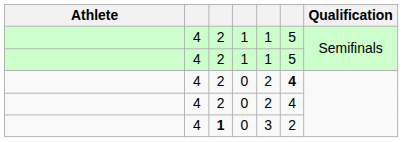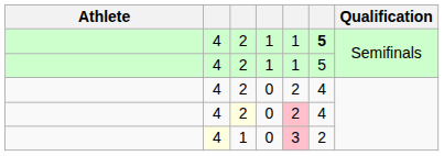 <table class="wikitable sortable" style="text-align:center">
 <tr>
 <th width=200>Athlete</th>
 <th width=20></th>
 <th width=20></th>
 <th width=20></th>
 <th width=20></th>
 <th width=20></th>
 <th width=100>Qualification</th>
 </tr>
 <tr bgcolor="#ccffcc">
 <td style="text-align:left;"></td>
 <td>4</td>
 <td>2</td>
 <td>1</td>
 <td>1</td>
-<td>5</td>
+<td><strong>5</strong></td>
 <td rowspan="2">Semifinals</td>
 </tr>
 <tr bgcolor="#ccffcc">
 <td style="text-align:left;"></td>
 <td>4</td>
 <td>2</td>
 <td>1</td>
 <td>1</td>
 <td>5</td>
 </tr>
 <tr>
 <td style="text-align:left;"></td>
 <td>4</td>
 <td>2</td>
 <td>0</td>
 <td>2</td>
-<td><strong>4</strong></td>
+<td>4</td>
 <td rowspan="3" colspan="3" align="center" style="vertical-align:middle;"></td>
 </tr>
 <tr>
 <td style="text-align:left;"></td>
 <td>4</td>
-<td>2</td>
+<td style="background: lightyellow;">2</td>
 <td>0</td>
-<td>2</td>
+<td style="background: pink;">2</td>
 <td>4</td>
 </tr>
 <tr>
 <td style="text-align:left;"></td>
-<td>4</td>
-<td><strong>1</strong></td>
+<td style="background: lightyellow;">4</td>
+<td>1</td>
 <td>0</td>
-<td>3</td>
+<td style="background: pink;">3</td>
 <td>2</td>
 </tr>
 </table>
